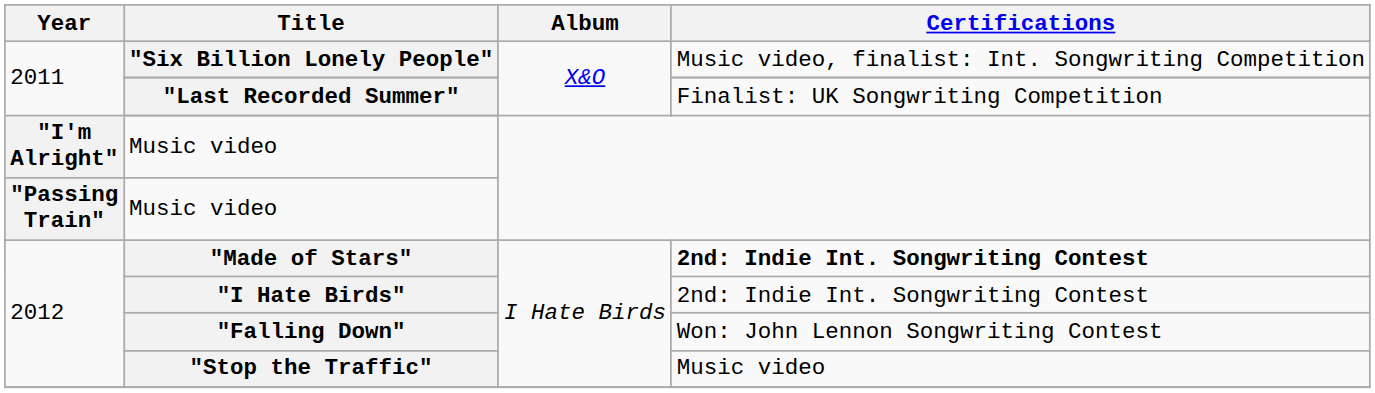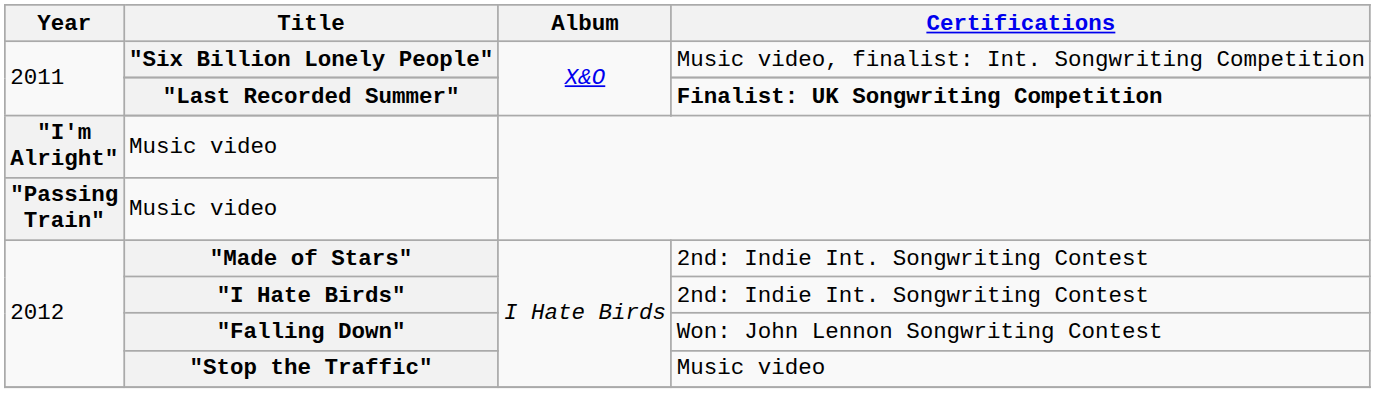 <table class="wikitable plainrowheaders" style="text-align:left;">
 <tr>
 <th scope="col" rowspan="1" style="width:2.5em;">Year</th>
 <th scope="col" rowspan="1">Title</th>
 <th scope="col" rowspan="1">Album</th>
 <th scope="col" rowspan="1"><a href='#'>Certifications</a></th>
 </tr>
 <tr>
 <td rowspan="4">2011</td>
 <th scope="row">"Six Billion Lonely People"</th>
 <td rowspan="4" style="text-align:center;"><em><a href='#'>X&O</a></em></td>
 <td>Music video, finalist: Int. Songwriting Competition</td>
 </tr>
 <tr>
 </tr>
 <tr>
 <th scope="row">"Last Recorded Summer"</th>
-<td>Finalist: UK Songwriting Competition</td>
+<td><strong>Finalist: UK Songwriting Competition</strong></td>
 </tr>
 <tr>
 </tr>
 <tr>
 <th scope="row">"I'm Alright"</th>
 <td>Music video</td>
 </tr>
 <tr>
 <th scope="row">"Passing Train"</th>
 <td>Music video</td>
 </tr>
 <tr>
 <td rowspan="4">2012</td>
 <th scope="row">"Made of Stars"</th>
 <td rowspan="4"><em>I Hate Birds</em></td>
-<td><strong>2nd: Indie Int. Songwriting Contest</strong></td>
+<td>2nd: Indie Int. Songwriting Contest</td>
 </tr>
 <tr>
 <th scope="row">"I Hate Birds"</th>
 <td>2nd: Indie Int. Songwriting Contest</td>
 </tr>
 <tr>
 <th scope="row">"Falling Down"</th>
 <td>Won: John Lennon Songwriting Contest</td>
 </tr>
 <tr>
 <th scope="row">"Stop the Traffic"</th>
 <td>Music video</td>
 </tr>
 <tr>
 </tr>
 </table>
